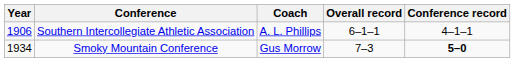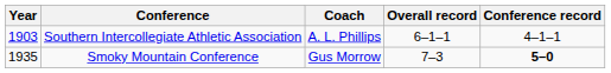 <table class="wikitable" style="text-align:center">
 <tr>
 <th>Year</th>
 <th>Conference</th>
 <th>Coach</th>
 <th>Overall record</th>
 <th>Conference record</th>
 </tr>
 <tr>
-<td><a href='#'>1906</a></td>
+<td><a href='#'>1903</a></td>
 <td><a href='#'>Southern Intercollegiate Athletic Association</a></td>
 <td><a href='#'>A. L. Phillips</a></td>
 <td>6–1–1</td>
 <td>4–1–1</td>
 </tr>
 <tr>
-<td>1934</td>
+<td>1935</td>
 <td><a href='#'>Smoky Mountain Conference</a></td>
 <td><a href='#'>Gus Morrow</a></td>
 <td>7–3</td>
 <td><strong>5–0</strong></td>
 </tr>
 </table>
